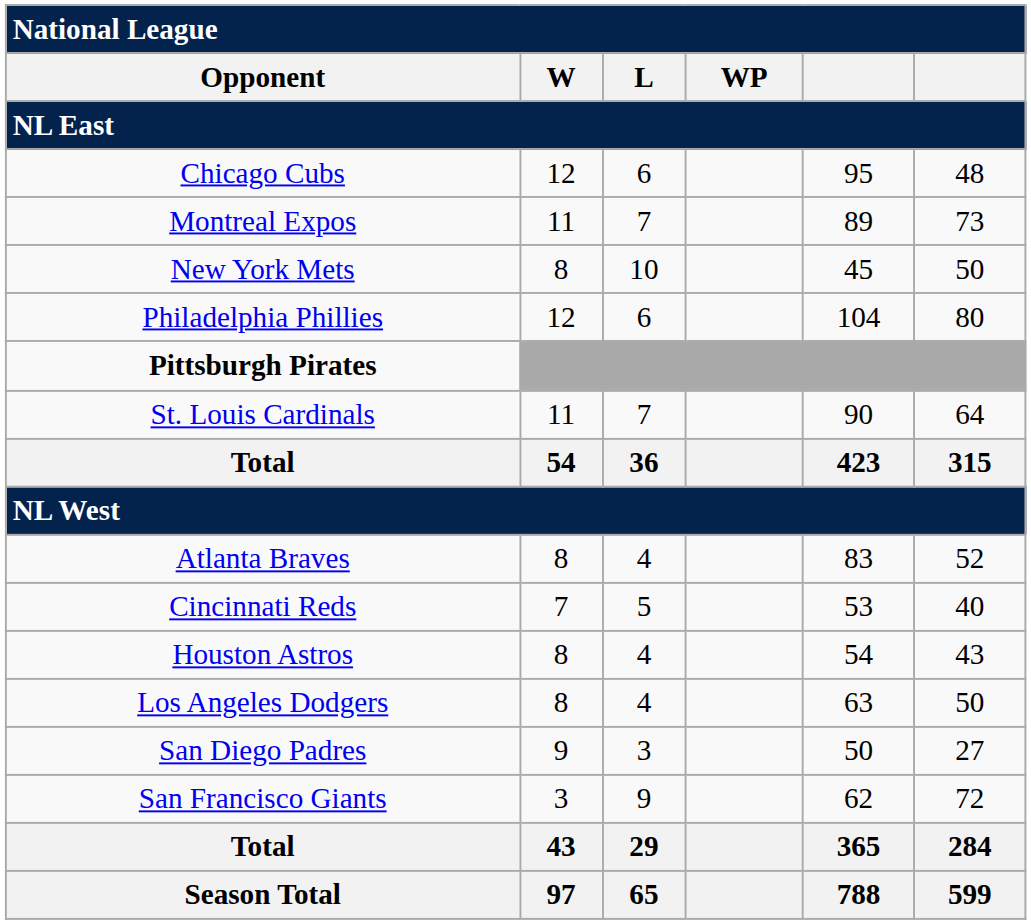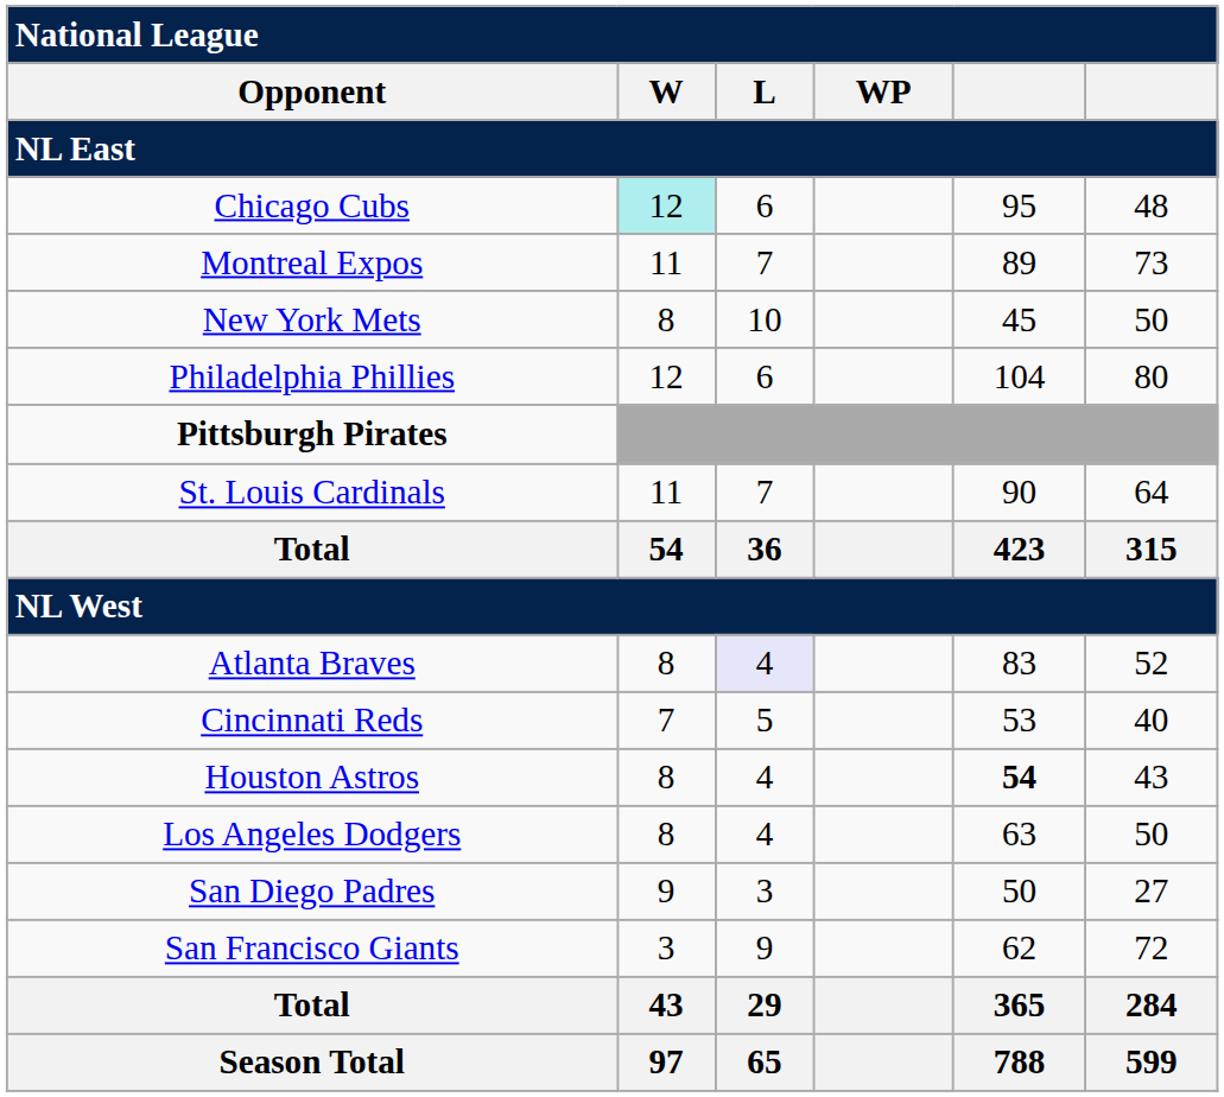 <table class="wikitable" style="font-size:95%; text-align:center; width:35em; margin:0.5em auto;">
 <tr>
 <th colspan="7" style="text-align:left; background:#03224c;color:#fff">National League</th>
 </tr>
 <tr>
 <th>Opponent</th>
 <th>W</th>
 <th>L</th>
 <th>WP</th>
 <th></th>
 <th></th>
 </tr>
 <tr>
 <th colspan="7" style="text-align:left; background:#03224c;color:#fff">NL East</th>
 </tr>
 <tr>
 <td><a href='#'>Chicago Cubs</a></td>
-<td>12</td>
+<td style="background: paleturquoise;">12</td>
 <td>6</td>
 <td></td>
 <td>95</td>
 <td>48</td>
 </tr>
 <tr>
 <td><a href='#'>Montreal Expos</a></td>
 <td>11</td>
 <td>7</td>
 <td></td>
 <td>89</td>
 <td>73</td>
 </tr>
 <tr>
 <td><a href='#'>New York Mets</a></td>
 <td>8</td>
 <td>10</td>
 <td></td>
 <td>45</td>
 <td>50</td>
 </tr>
 <tr>
 <td><a href='#'>Philadelphia Phillies</a></td>
 <td>12</td>
 <td>6</td>
 <td></td>
 <td>104</td>
 <td>80</td>
 </tr>
 <tr>
 <td><strong>Pittsburgh Pirates</strong></td>
 <td colspan=5 style="background:darkgray;"></td>
 </tr>
 <tr>
 <td><a href='#'>St. Louis Cardinals</a></td>
 <td>11</td>
 <td>7</td>
 <td></td>
 <td>90</td>
 <td>64</td>
 </tr>
 <tr>
 <th>Total</th>
 <th>54</th>
 <th>36</th>
 <th></th>
 <th>423</th>
 <th>315</th>
 </tr>
 <tr>
 <th colspan="7" style="text-align:left; background:#03224c;color:#fff">NL West</th>
 </tr>
 <tr>
 <td><a href='#'>Atlanta Braves</a></td>
 <td>8</td>
-<td>4</td>
+<td style="background: lavender;">4</td>
 <td></td>
 <td>83</td>
 <td>52</td>
 </tr>
 <tr>
 <td><a href='#'>Cincinnati Reds</a></td>
 <td>7</td>
 <td>5</td>
 <td></td>
 <td>53</td>
 <td>40</td>
 </tr>
 <tr>
 <td><a href='#'>Houston Astros</a></td>
 <td>8</td>
 <td>4</td>
 <td></td>
-<td>54</td>
+<td><strong>54</strong></td>
 <td>43</td>
 </tr>
 <tr>
 <td><a href='#'>Los Angeles Dodgers</a></td>
 <td>8</td>
 <td>4</td>
 <td></td>
 <td>63</td>
 <td>50</td>
 </tr>
 <tr>
 <td><a href='#'>San Diego Padres</a></td>
 <td>9</td>
 <td>3</td>
 <td></td>
 <td>50</td>
 <td>27</td>
 </tr>
 <tr>
 <td><a href='#'>San Francisco Giants</a></td>
 <td>3</td>
 <td>9</td>
 <td></td>
 <td>62</td>
 <td>72</td>
 </tr>
 <tr>
 <th>Total</th>
 <th>43</th>
 <th>29</th>
 <th></th>
 <th>365</th>
 <th>284</th>
 </tr>
 <tr>
 <th>Season Total</th>
 <th>97</th>
 <th>65</th>
 <th></th>
 <th>788</th>
 <th>599</th>
 </tr>
 </table>
